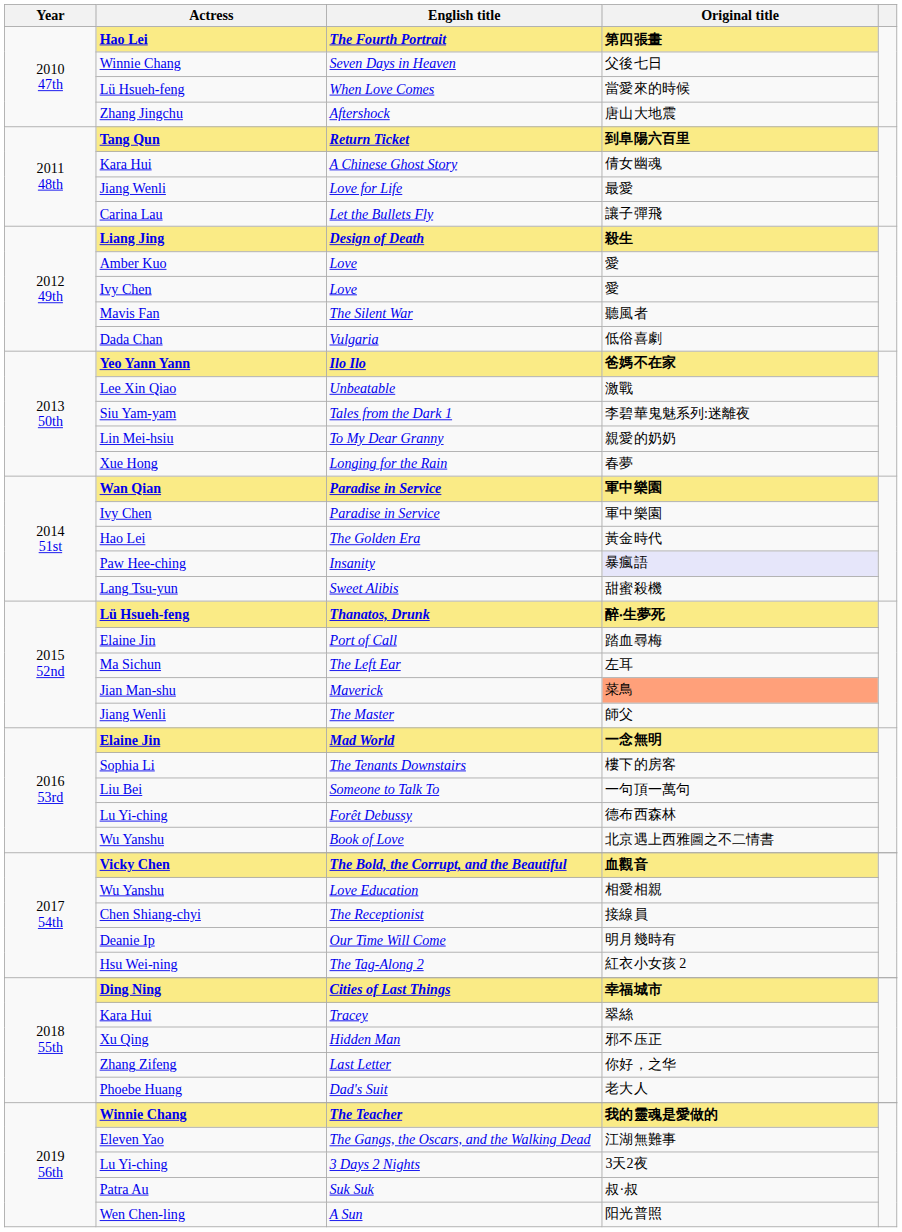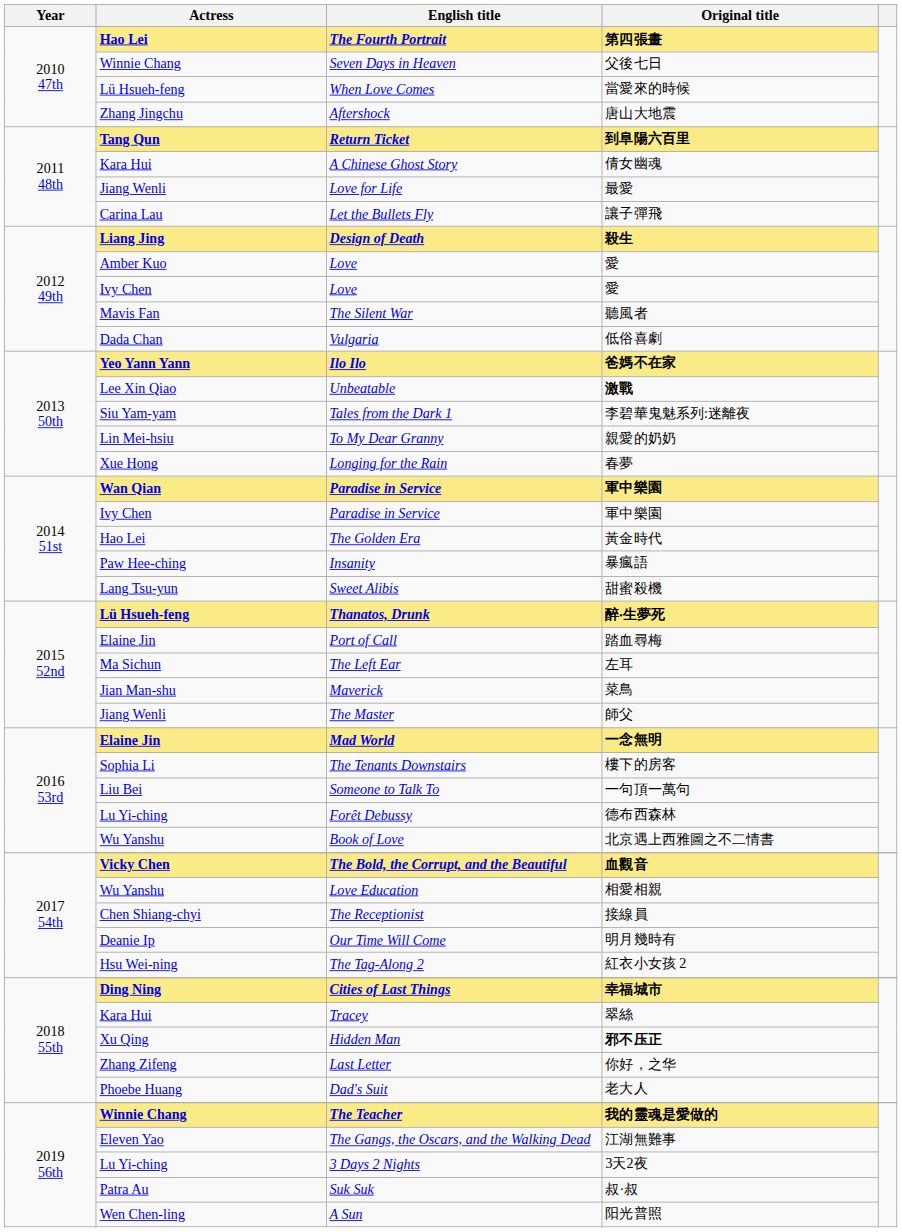 <table class="wikitable">
 <tr style="background:#bebebe;">
 <th style="width:10%;">Year</th>
 <th style="width:25%;">Actress</th>
 <th style="width:30%;">English title</th>
 <th style="width:30%;">Original title</th>
 <th style="width:2%;"></th>
 </tr>
 <tr>
 <td rowspan="4" style="text-align:center">2010<br><a href='#'>47th</a></td>
 <td style="background:#FAEB86"><strong><a href='#'>Hao Lei</a></strong></td>
 <td style="background:#FAEB86"><strong><em><a href='#'>The Fourth Portrait</a></em></strong></td>
 <td style="background:#FAEB86"><strong>第四張畫</strong></td>
 <td rowspan=4></td>
 </tr>
 <tr>
 <td><a href='#'>Winnie Chang</a></td>
 <td><em><a href='#'>Seven Days in Heaven</a></em></td>
 <td>父後七日</td>
 </tr>
 <tr>
 <td><a href='#'>Lü Hsueh-feng</a></td>
 <td><em><a href='#'>When Love Comes</a></em></td>
 <td>當愛來的時候</td>
 </tr>
 <tr>
 <td><a href='#'>Zhang Jingchu</a></td>
 <td><em><a href='#'>Aftershock</a></em></td>
 <td>唐山大地震</td>
 </tr>
 <tr>
 <td rowspan="4" style="text-align:center">2011<br><a href='#'>48th</a></td>
 <td style="background:#FAEB86"><strong><a href='#'>Tang Qun</a></strong></td>
 <td style="background:#FAEB86"><strong><em><a href='#'>Return Ticket</a></em></strong></td>
 <td style="background:#FAEB86"><strong>到阜陽六百里</strong></td>
 <td rowspan=4></td>
 </tr>
 <tr>
 <td><a href='#'>Kara Hui</a></td>
 <td><em><a href='#'>A Chinese Ghost Story</a></em></td>
 <td>倩女幽魂</td>
 </tr>
 <tr>
 <td><a href='#'>Jiang Wenli</a></td>
 <td><em><a href='#'>Love for Life</a></em></td>
 <td>最愛</td>
 </tr>
 <tr>
 <td><a href='#'>Carina Lau</a></td>
 <td><em><a href='#'>Let the Bullets Fly</a></em></td>
 <td>讓子彈飛</td>
 </tr>
 <tr>
 <td rowspan="5" style="text-align:center">2012<br><a href='#'>49th</a></td>
 <td style="background:#FAEB86"><strong><a href='#'>Liang Jing</a></strong></td>
 <td style="background:#FAEB86"><strong><em><a href='#'>Design of Death</a></em></strong></td>
 <td style="background:#FAEB86"><strong>殺生</strong></td>
 <td rowspan=5></td>
 </tr>
 <tr>
 <td><a href='#'>Amber Kuo</a></td>
 <td><em><a href='#'>Love</a></em></td>
 <td>愛</td>
 </tr>
 <tr>
 <td><a href='#'>Ivy Chen</a></td>
 <td><em><a href='#'>Love</a></em></td>
 <td>愛</td>
 </tr>
 <tr>
 <td><a href='#'>Mavis Fan</a></td>
 <td><em><a href='#'>The Silent War</a></em></td>
 <td>聽風者</td>
 </tr>
 <tr>
 <td><a href='#'>Dada Chan</a></td>
 <td><em><a href='#'>Vulgaria</a></em></td>
 <td>低俗喜劇</td>
 </tr>
 <tr>
 <td rowspan="5" style="text-align:center">2013<br><a href='#'>50th</a></td>
 <td style="background:#FAEB86"><strong><a href='#'>Yeo Yann Yann</a></strong></td>
 <td style="background:#FAEB86"><strong><em><a href='#'>Ilo Ilo</a></em></strong></td>
 <td style="background:#FAEB86"><strong>爸媽不在家</strong></td>
 <td rowspan=5></td>
 </tr>
 <tr>
 <td><a href='#'>Lee Xin Qiao</a></td>
 <td><em><a href='#'>Unbeatable</a></em></td>
-<td>激戰</td>
+<td><strong>激戰</strong></td>
 </tr>
 <tr>
 <td><a href='#'>Siu Yam-yam</a></td>
 <td><em><a href='#'>Tales from the Dark 1</a></em></td>
 <td>李碧華鬼魅系列:迷離夜</td>
 </tr>
 <tr>
 <td><a href='#'>Lin Mei-hsiu</a></td>
 <td><em><a href='#'>To My Dear Granny</a></em></td>
 <td>親愛的奶奶</td>
 </tr>
 <tr>
 <td><a href='#'>Xue Hong</a></td>
 <td><em><a href='#'>Longing for the Rain</a></em></td>
 <td>春夢</td>
 </tr>
 <tr>
 <td rowspan="5" style="text-align:center">2014<br><a href='#'>51st</a></td>
 <td style="background:#FAEB86"><strong><a href='#'>Wan Qian</a></strong></td>
 <td style="background:#FAEB86"><strong><em><a href='#'>Paradise in Service</a></em></strong></td>
 <td style="background:#FAEB86"><strong>軍中樂園</strong></td>
 <td rowspan=5></td>
 </tr>
 <tr>
 <td><a href='#'>Ivy Chen</a></td>
 <td><em><a href='#'>Paradise in Service</a></em></td>
 <td>軍中樂園</td>
 </tr>
 <tr>
 <td><a href='#'>Hao Lei</a></td>
 <td><em><a href='#'>The Golden Era</a></em></td>
 <td>黃金時代</td>
 </tr>
 <tr>
 <td><a href='#'>Paw Hee-ching</a></td>
 <td><em><a href='#'>Insanity</a></em></td>
-<td style="background: lavender;">暴瘋語</td>
+<td>暴瘋語</td>
 </tr>
 <tr>
 <td><a href='#'>Lang Tsu-yun</a></td>
 <td><em><a href='#'>Sweet Alibis</a></em></td>
 <td>甜蜜殺機</td>
 </tr>
 <tr>
 <td rowspan="5" style="text-align:center">2015<br><a href='#'>52nd</a></td>
 <td style="background:#FAEB86"><strong><a href='#'>Lü Hsueh-feng</a></strong></td>
 <td style="background:#FAEB86"><strong><em><a href='#'>Thanatos, Drunk</a></em></strong></td>
 <td style="background:#FAEB86"><strong>醉‧生夢死</strong></td>
 <td rowspan=5></td>
 </tr>
 <tr>
 <td><a href='#'>Elaine Jin</a></td>
 <td><em><a href='#'>Port of Call</a></em></td>
 <td>踏血尋梅</td>
 </tr>
 <tr>
 <td><a href='#'>Ma Sichun</a></td>
 <td><em><a href='#'>The Left Ear</a></em></td>
 <td>左耳</td>
 </tr>
 <tr>
 <td><a href='#'>Jian Man-shu</a></td>
 <td><em><a href='#'>Maverick</a></em></td>
-<td style="background: lightsalmon;">菜鳥</td>
+<td>菜鳥</td>
 </tr>
 <tr>
 <td><a href='#'>Jiang Wenli</a></td>
 <td><em><a href='#'>The Master</a></em></td>
 <td>師父</td>
 </tr>
 <tr>
 <td rowspan="5" style="text-align:center">2016<br><a href='#'>53rd</a></td>
 <td style="background:#FAEB86"><strong><a href='#'>Elaine Jin</a></strong></td>
 <td style="background:#FAEB86"><strong><em><a href='#'>Mad World</a></em></strong></td>
 <td style="background:#FAEB86"><strong>一念無明</strong></td>
 <td rowspan=5></td>
 </tr>
 <tr>
 <td><a href='#'>Sophia Li</a></td>
 <td><em><a href='#'>The Tenants Downstairs</a></em></td>
 <td>樓下的房客</td>
 </tr>
 <tr>
 <td><a href='#'>Liu Bei</a></td>
 <td><em><a href='#'>Someone to Talk To</a></em></td>
 <td>一句頂一萬句</td>
 </tr>
 <tr>
 <td><a href='#'>Lu Yi-ching</a></td>
 <td><em><a href='#'>Forêt Debussy</a></em></td>
 <td>德布西森林</td>
 </tr>
 <tr>
 <td><a href='#'>Wu Yanshu</a></td>
 <td><em><a href='#'>Book of Love</a></em></td>
 <td>北京遇上西雅圖之不二情書</td>
 </tr>
 <tr>
 <td rowspan="6" style="text-align:center">2017<br><a href='#'>54th</a></td>
 </tr>
 <tr>
 <td style="background:#FAEB86"><strong><a href='#'>Vicky Chen</a></strong></td>
 <td style="background:#FAEB86"><strong><em><a href='#'>The Bold, the Corrupt, and the Beautiful</a></em></strong></td>
 <td style="background:#FAEB86"><strong>血觀音</strong></td>
 <td rowspan=5></td>
 </tr>
 <tr>
 <td><a href='#'>Wu Yanshu</a></td>
 <td><em><a href='#'>Love Education</a></em></td>
 <td>相愛相親</td>
 </tr>
 <tr>
 <td><a href='#'>Chen Shiang-chyi</a></td>
 <td><em><a href='#'>The Receptionist</a></em></td>
 <td>接線員</td>
 </tr>
 <tr>
 <td><a href='#'>Deanie Ip</a></td>
 <td><em><a href='#'>Our Time Will Come</a></em></td>
 <td>明月幾時有</td>
 </tr>
 <tr>
 <td><a href='#'>Hsu Wei-ning</a></td>
 <td><em><a href='#'>The Tag-Along 2</a></em></td>
 <td>紅衣小女孩 2</td>
 </tr>
 <tr>
 <td rowspan="6" style="text-align:center">2018<br><a href='#'>55th</a></td>
 </tr>
 <tr>
 <td style="background:#FAEB86"><strong><a href='#'>Ding Ning</a></strong></td>
 <td style="background:#FAEB86"><strong><em><a href='#'>Cities of Last Things</a></em></strong></td>
 <td style="background:#FAEB86"><strong>幸福城市</strong></td>
 <td rowspan=5></td>
 </tr>
 <tr>
 <td><a href='#'>Kara Hui</a></td>
 <td><em><a href='#'>Tracey</a></em></td>
 <td>翠絲</td>
 </tr>
 <tr>
 <td><a href='#'>Xu Qing</a></td>
 <td><em><a href='#'>Hidden Man</a></em></td>
-<td>邪不压正</td>
+<td><strong>邪不压正</strong></td>
 </tr>
 <tr>
 <td><a href='#'>Zhang Zifeng</a></td>
 <td><em><a href='#'>Last Letter</a></em></td>
 <td>你好，之华</td>
 </tr>
 <tr>
 <td><a href='#'>Phoebe Huang</a></td>
 <td><em><a href='#'>Dad's Suit</a></em></td>
 <td>老大人</td>
 </tr>
 <tr>
 <td rowspan="6" style="text-align:center">2019<br><a href='#'>56th</a></td>
 </tr>
 <tr>
 <td style="background:#FAEB86"><strong><a href='#'>Winnie Chang</a></strong></td>
 <td style="background:#FAEB86"><strong><em><a href='#'>The Teacher</a></em></strong></td>
 <td style="background:#FAEB86"><strong>我的靈魂是愛做的</strong></td>
 <td rowspan=5></td>
 </tr>
 <tr>
 <td><a href='#'>Eleven Yao</a></td>
 <td><em><a href='#'>The Gangs, the Oscars, and the Walking Dead</a></em></td>
 <td>江湖無難事</td>
 </tr>
 <tr>
 <td><a href='#'>Lu Yi-ching</a></td>
 <td><em><a href='#'>3 Days 2 Nights</a></em></td>
 <td>3天2夜</td>
 </tr>
 <tr>
 <td><a href='#'>Patra Au</a></td>
 <td><em><a href='#'>Suk Suk</a></em></td>
 <td>叔·叔</td>
 </tr>
 <tr>
 <td><a href='#'>Wen Chen-ling</a></td>
 <td><em><a href='#'>A Sun</a></em></td>
 <td>阳光普照</td>
 </tr>
 </table>
